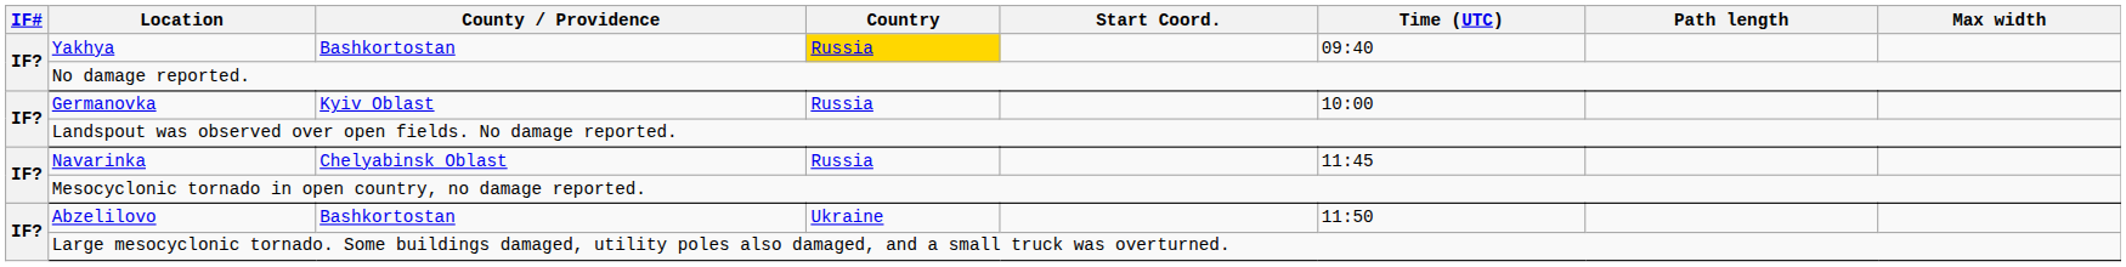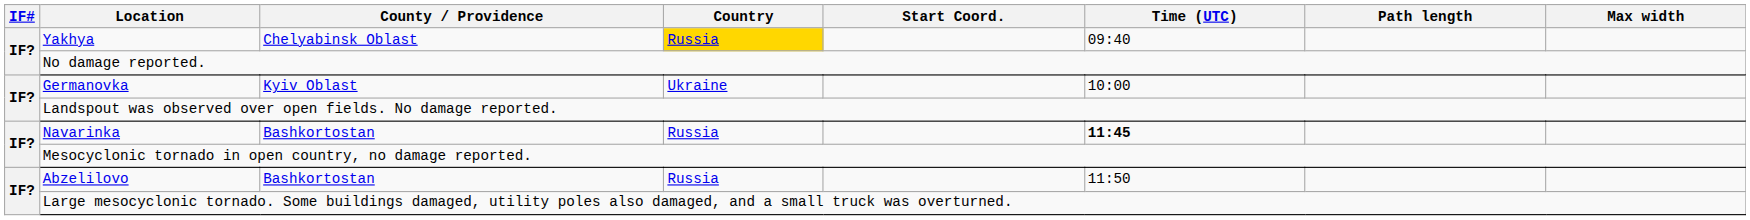 <table class="wikitable sortable" style="width:100%;">
 <tr>
 <th scope="col" width="2%" align="center"><a href='#'>IF#</a></th>
 <th scope="col" align="center" class="unsortable">Location</th>
 <th scope="col" align="center" class="unsortable">County / Providence</th>
 <th scope="col" align="center">Country</th>
 <th scope="col" align="center">Start Coord.</th>
 <th scope="col" align="center">Time (<a href='#'>UTC</a>)</th>
 <th scope="col" align="center">Path length</th>
 <th scope="col" align="center">Max width</th>
 </tr>
 <tr>
 <th scope="row" rowspan="2" style="background-color:#">IF?</th>
 <td><a href='#'>Yakhya</a></td>
-<td><a href='#'>Bashkortostan</a></td>
+<td><a href='#'>Chelyabinsk Oblast</a></td>
 <td style="background: gold;"><a href='#'>Russia</a></td>
 <td></td>
 <td>09:40</td>
 <td></td>
 <td></td>
 </tr>
 <tr class="expand-child">
 <td colspan="8" style=" border-bottom: 1px solid black ">No damage reported.</td>
 </tr>
 <tr>
 <th scope="row" rowspan="2" style="background-color:#">IF?</th>
 <td><a href='#'>Germanovka</a></td>
 <td><a href='#'>Kyiv Oblast</a></td>
-<td><a href='#'>Russia</a></td>
+<td><a href='#'>Ukraine</a></td>
 <td></td>
 <td>10:00</td>
 <td></td>
 <td></td>
 </tr>
 <tr class="expand-child">
 <td colspan="8" style=" border-bottom: 1px solid black ">Landspout was observed over open fields. No damage reported.</td>
 </tr>
 <tr>
 <th scope="row" rowspan="2" style="background-color:#">IF?</th>
 <td><a href='#'>Navarinka</a></td>
-<td><a href='#'>Chelyabinsk Oblast</a></td>
+<td><a href='#'>Bashkortostan</a></td>
 <td><a href='#'>Russia</a></td>
 <td></td>
-<td>11:45</td>
+<td><strong>11:45</strong></td>
 <td></td>
 <td></td>
 </tr>
 <tr class="expand-child">
 <td colspan="8" style=" border-bottom: 1px solid black ">Mesocyclonic tornado in open country, no damage reported.</td>
 </tr>
 <tr>
 <th scope="row" rowspan="2" style="background-color:#">IF?</th>
 <td><a href='#'>Abzelilovo</a></td>
 <td><a href='#'>Bashkortostan</a></td>
-<td><a href='#'>Ukraine</a></td>
+<td><a href='#'>Russia</a></td>
 <td></td>
 <td>11:50</td>
 <td></td>
 <td></td>
 </tr>
 <tr class="expand-child">
 <td colspan="8" style=" border-bottom: 1px solid black ">Large mesocyclonic tornado. Some buildings damaged, utility poles also damaged, and a small truck was overturned.</td>
 </tr>
 </table>
